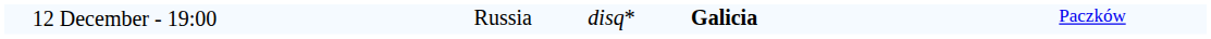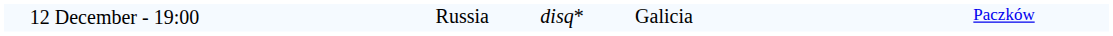 <table style="width: 100%; background:#F5FAFF;" cellspacing="0">
 <tr>
 <td align=center rowspan=3 width=20%>12 December - 19:00</td>
 </tr>
 <tr>
 <td width=24% align=right>Russia</td>
 <td align=center width=13%><em>disq</em>*</td>
-<td width=24%><strong>Galicia</strong></td>
+<td width=24%>Galicia</td>
 <td style=font-size:85% rowspan=3 valign=top align=center><a href='#'>Paczków</a></td>
 </tr>
 <tr style=font-size:85%>
 <td align=right valign=top></td>
 <td></td>
 <td></td>
 </tr>
 </table>
